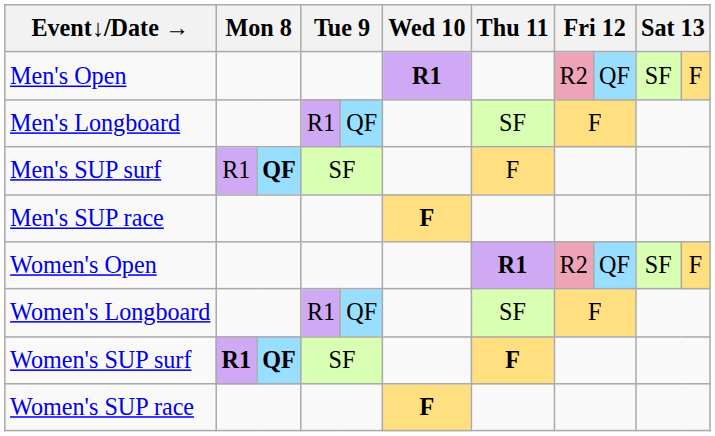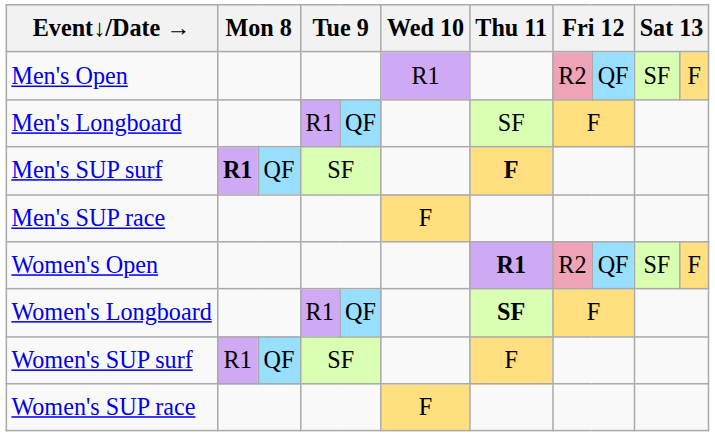 <table class="wikitable" style="margin:0.5em auto; line-height:1.5em;">
 <tr>
 <th>Event↓/Date →</th>
 <th colspan=2>Mon 8</th>
 <th colspan=2>Tue 9</th>
 <th>Wed 10</th>
 <th>Thu 11</th>
 <th colspan=2>Fri 12</th>
 <th colspan=2>Sat 13</th>
 </tr>
 <tr align=center>
 <td align=left><a href='#'>Men's Open</a></td>
 <td colspan=2></td>
 <td colspan=2></td>
-<td style="background-color:#D0A9F5;"><strong>R1</strong></td>
+<td style="background-color:#D0A9F5;">R1</td>
 <td></td>
 <td style="background-color:#EFA3B7;">R2</td>
 <td style="background-color:#97DEFF;">QF</td>
 <td style="background-color:#D9FFB2;">SF</td>
 <td style="background-color:#FFDF80;">F</td>
 </tr>
 <tr align=center>
 <td align=left><a href='#'>Men's Longboard</a></td>
 <td colspan=2></td>
 <td style="background-color:#D0A9F5;">R1</td>
 <td style="background-color:#97DEFF;">QF</td>
 <td></td>
 <td style="background-color:#D9FFB2;">SF</td>
 <td colspan=2 style="background-color:#FFDF80;">F</td>
 <td colspan=2></td>
 </tr>
 <tr align=center>
 <td align=left><a href='#'>Men's SUP surf</a></td>
-<td style="background-color:#D0A9F5;">R1</td>
-<td style="background-color:#97DEFF;"><strong>QF</strong></td>
+<td style="background-color:#D0A9F5;"><strong>R1</strong></td>
+<td style="background-color:#97DEFF;">QF</td>
 <td colspan=2 style="background-color:#D9FFB2;">SF</td>
 <td></td>
-<td style="background-color:#FFDF80;">F</td>
+<td style="background-color:#FFDF80;"><strong>F</strong></td>
 <td colspan=2></td>
 <td colspan=2></td>
 </tr>
 <tr align=center>
 <td align=left><a href='#'>Men's SUP race</a></td>
 <td colspan=2></td>
 <td colspan=2></td>
-<td style="background-color:#FFDF80;"><strong>F</strong></td>
+<td style="background-color:#FFDF80;">F</td>
 <td></td>
 <td colspan=2></td>
 <td colspan=2></td>
 </tr>
 <tr align=center>
 <td align=left><a href='#'>Women's Open</a></td>
 <td colspan=2></td>
 <td colspan=2></td>
 <td></td>
 <td style="background-color:#D0A9F5;"><strong>R1</strong></td>
 <td style="background-color:#EFA3B7;">R2</td>
 <td style="background-color:#97DEFF;">QF</td>
 <td style="background-color:#D9FFB2;">SF</td>
 <td style="background-color:#FFDF80;">F</td>
 </tr>
 <tr align=center>
 <td align=left><a href='#'>Women's Longboard</a></td>
 <td colspan=2></td>
 <td style="background-color:#D0A9F5;">R1</td>
 <td style="background-color:#97DEFF;">QF</td>
 <td></td>
-<td style="background-color:#D9FFB2;">SF</td>
+<td style="background-color:#D9FFB2;"><strong>SF</strong></td>
 <td colspan=2 style="background-color:#FFDF80;">F</td>
 <td colspan=2></td>
 </tr>
 <tr align=center>
 <td align=left><a href='#'>Women's SUP surf</a></td>
-<td style="background-color:#D0A9F5;"><strong>R1</strong></td>
-<td style="background-color:#97DEFF;"><strong>QF</strong></td>
+<td style="background-color:#D0A9F5;">R1</td>
+<td style="background-color:#97DEFF;">QF</td>
 <td colspan=2 style="background-color:#D9FFB2;">SF</td>
 <td></td>
-<td style="background-color:#FFDF80;"><strong>F</strong></td>
+<td style="background-color:#FFDF80;">F</td>
 <td colspan=2></td>
 <td colspan=2></td>
 </tr>
 <tr align=center>
 <td align=left><a href='#'>Women's SUP race</a></td>
 <td colspan=2></td>
 <td colspan=2></td>
-<td style="background-color:#FFDF80;"><strong>F</strong></td>
+<td style="background-color:#FFDF80;">F</td>
 <td></td>
 <td colspan=2></td>
 <td colspan=2></td>
 </tr>
 </table>
